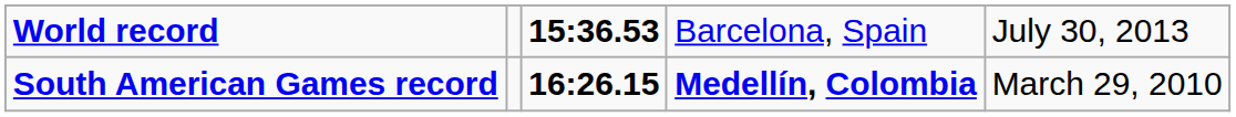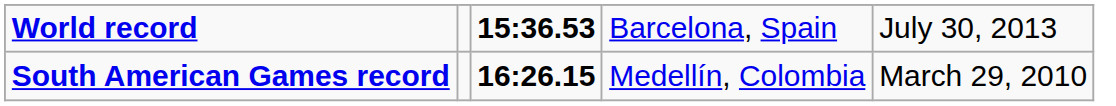 <table class="wikitable">
 <tr>
 <td><strong><a href='#'>World record</a></strong></td>
 <td></td>
 <td><strong>15:36.53</strong></td>
 <td><a href='#'>Barcelona</a>, <a href='#'>Spain</a></td>
 <td>July 30, 2013</td>
 </tr>
 <tr>
 <td><strong><a href='#'>South American Games record</a></strong></td>
 <td></td>
 <td><strong>16:26.15</strong></td>
-<td><strong><a href='#'>Medellín</a>, <a href='#'>Colombia</a></strong></td>
+<td><a href='#'>Medellín</a>, <a href='#'>Colombia</a></td>
 <td>March 29, 2010</td>
 </tr>
 </table>
